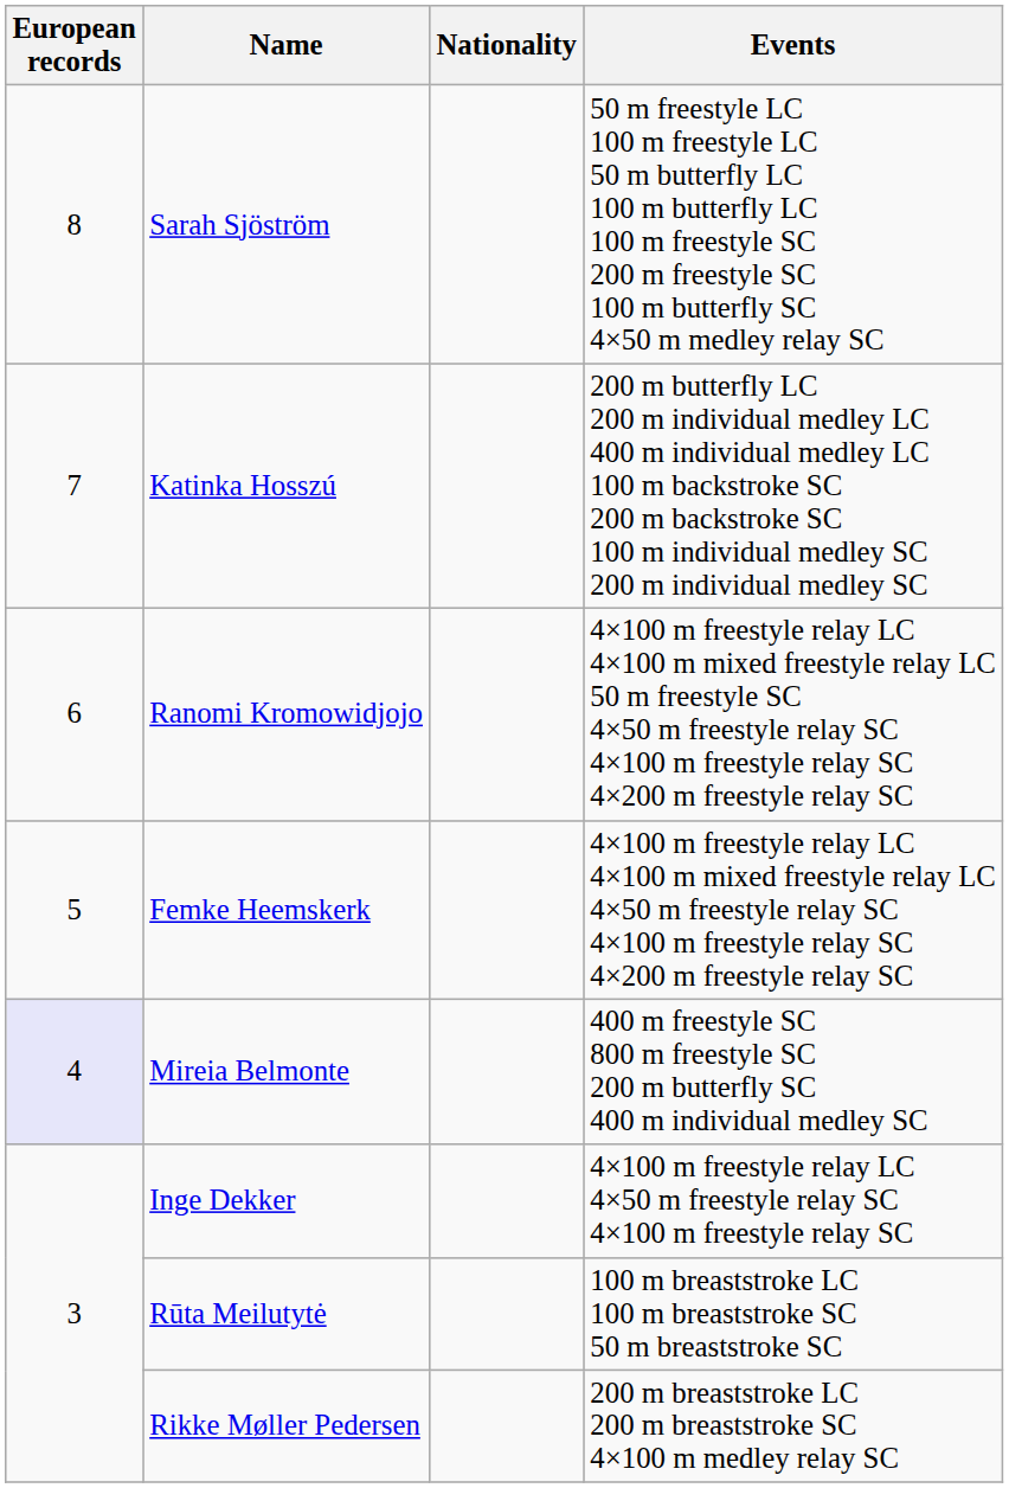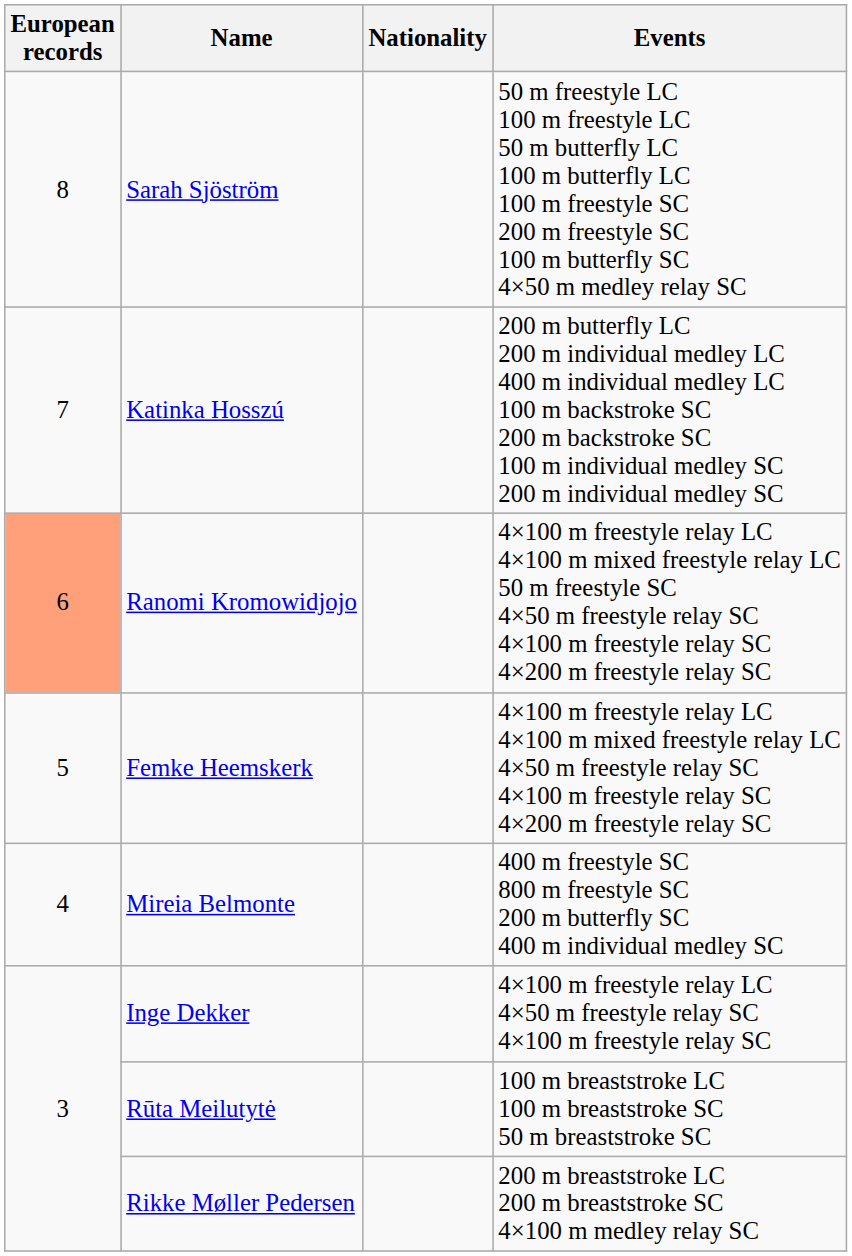 <table class=wikitable>
 <tr>
 <th>European <br> records</th>
 <th>Name</th>
 <th>Nationality</th>
 <th>Events</th>
 </tr>
 <tr>
 <td align=center>8</td>
 <td><a href='#'>Sarah Sjöström</a></td>
 <td></td>
 <td>50 m freestyle LC<br>100 m freestyle LC<br>50 m butterfly LC<br>100 m butterfly LC<br>100 m freestyle SC<br> 200 m freestyle SC<br>100 m butterfly SC<br>4×50 m medley relay SC</td>
 </tr>
 <tr>
 <td align=center>7</td>
 <td><a href='#'>Katinka Hosszú</a></td>
 <td></td>
 <td>200 m butterfly LC<br>200 m individual medley LC<br>400 m individual medley LC<br>100 m backstroke SC<br>200 m backstroke SC<br>100 m individual medley SC<br>200 m individual medley SC</td>
 </tr>
 <tr>
-<td align=center>6</td>
+<td align=center style="background: lightsalmon;">6</td>
 <td><a href='#'>Ranomi Kromowidjojo</a></td>
 <td></td>
 <td>4×100 m freestyle relay LC<br>4×100 m mixed freestyle relay LC<br>50 m freestyle SC<br>4×50 m freestyle relay SC<br>4×100 m freestyle relay SC<br>4×200 m freestyle relay SC</td>
 </tr>
 <tr>
 <td align=center>5</td>
 <td><a href='#'>Femke Heemskerk</a></td>
 <td></td>
 <td>4×100 m freestyle relay LC<br>4×100 m mixed freestyle relay LC<br>4×50 m freestyle relay SC<br>4×100 m freestyle relay SC<br>4×200 m freestyle relay SC</td>
 </tr>
 <tr>
-<td align=center style="background: lavender;">4</td>
+<td align=center>4</td>
 <td><a href='#'>Mireia Belmonte</a></td>
 <td></td>
 <td>400 m freestyle SC<br>800 m freestyle SC<br>200 m butterfly SC<br>400 m individual medley SC</td>
 </tr>
 <tr>
 <td rowspan=3 align=center>3</td>
 <td><a href='#'>Inge Dekker</a></td>
 <td></td>
 <td>4×100 m freestyle relay LC<br>4×50 m freestyle relay SC<br>4×100 m freestyle relay SC</td>
 </tr>
 <tr>
 <td><a href='#'>Rūta Meilutytė</a></td>
 <td></td>
 <td>100 m breaststroke LC<br>100 m breaststroke SC<br>50 m breaststroke SC</td>
 </tr>
 <tr>
 <td><a href='#'>Rikke Møller Pedersen</a></td>
 <td></td>
 <td>200 m breaststroke LC<br>200 m breaststroke SC<br>4×100 m medley relay SC</td>
 </tr>
 </table>
